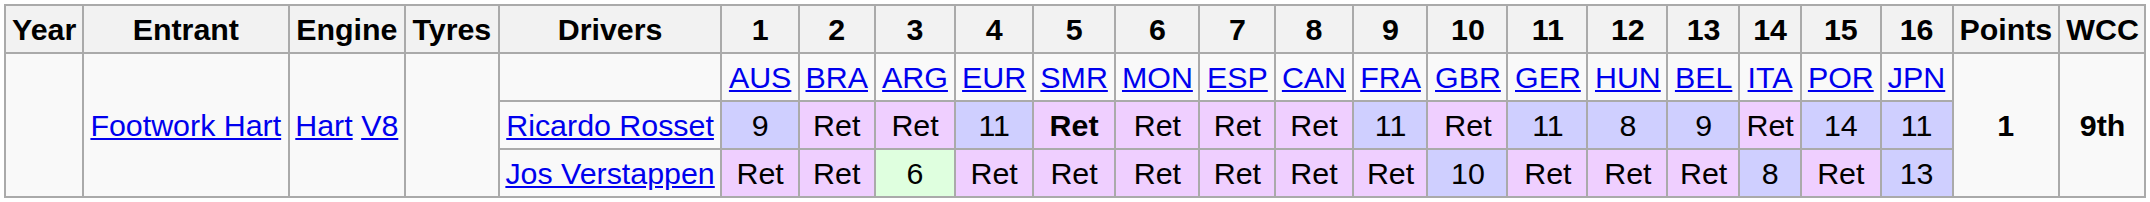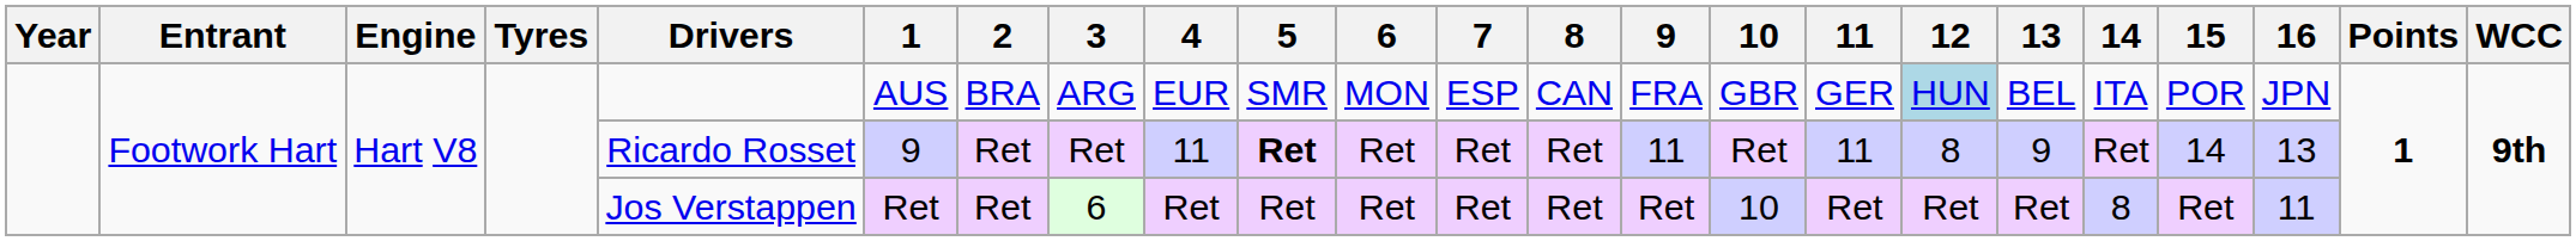 <table class="wikitable" style="text-align:center; font-size:95%">
 <tr>
 <th>Year</th>
 <th>Entrant</th>
 <th>Engine</th>
 <th>Tyres</th>
 <th>Drivers</th>
 <th>1</th>
 <th>2</th>
 <th>3</th>
 <th>4</th>
 <th>5</th>
 <th>6</th>
 <th>7</th>
 <th>8</th>
 <th>9</th>
 <th>10</th>
 <th>11</th>
 <th>12</th>
 <th>13</th>
 <th>14</th>
 <th>15</th>
 <th>16</th>
 <th>Points</th>
 <th>WCC</th>
 </tr>
 <tr>
 <td rowspan="3"></td>
 <td rowspan="3"><a href='#'>Footwork Hart</a></td>
 <td rowspan="3"><a href='#'>Hart</a> <a href='#'>V8</a></td>
 <td rowspan="3"></td>
 <td></td>
 <td><a href='#'>AUS</a></td>
 <td><a href='#'>BRA</a></td>
 <td><a href='#'>ARG</a></td>
 <td><a href='#'>EUR</a></td>
 <td><a href='#'>SMR</a></td>
 <td><a href='#'>MON</a></td>
 <td><a href='#'>ESP</a></td>
 <td><a href='#'>CAN</a></td>
 <td><a href='#'>FRA</a></td>
 <td><a href='#'>GBR</a></td>
 <td><a href='#'>GER</a></td>
-<td><a href='#'>HUN</a></td>
+<td style="background: lightblue;"><a href='#'>HUN</a></td>
 <td><a href='#'>BEL</a></td>
 <td><a href='#'>ITA</a></td>
 <td><a href='#'>POR</a></td>
 <td><a href='#'>JPN</a></td>
 <td rowspan="3"><strong>1</strong></td>
 <td rowspan="3"><strong>9th</strong></td>
 </tr>
 <tr>
 <td><a href='#'>Ricardo Rosset</a></td>
 <td style="background:#CFCFFF;">9</td>
 <td style="background:#EFCFFF;">Ret</td>
 <td style="background:#EFCFFF;">Ret</td>
 <td style="background:#CFCFFF;">11</td>
 <td style="background:#EFCFFF;"><strong>Ret</strong></td>
 <td style="background:#EFCFFF;">Ret</td>
 <td style="background:#EFCFFF;">Ret</td>
 <td style="background:#EFCFFF;">Ret</td>
 <td style="background:#CFCFFF;">11</td>
 <td style="background:#EFCFFF;">Ret</td>
 <td style="background:#CFCFFF;">11</td>
 <td style="background:#CFCFFF;">8</td>
 <td style="background:#CFCFFF;">9</td>
 <td style="background:#EFCFFF;">Ret</td>
 <td style="background:#CFCFFF;">14</td>
-<td style="background:#CFCFFF;">11</td>
+<td style="background:#CFCFFF;">13</td>
 </tr>
 <tr>
 <td><a href='#'>Jos Verstappen</a></td>
 <td style="background:#EFCFFF;">Ret</td>
 <td style="background:#EFCFFF;">Ret</td>
 <td style="background:#DFFFDF;">6</td>
 <td style="background:#EFCFFF;">Ret</td>
 <td style="background:#EFCFFF;">Ret</td>
 <td style="background:#EFCFFF;">Ret</td>
 <td style="background:#EFCFFF;">Ret</td>
 <td style="background:#EFCFFF;">Ret</td>
 <td style="background:#EFCFFF;">Ret</td>
 <td style="background:#CFCFFF;">10</td>
 <td style="background:#EFCFFF;">Ret</td>
 <td style="background:#EFCFFF;">Ret</td>
 <td style="background:#EFCFFF;">Ret</td>
 <td style="background:#CFCFFF;">8</td>
 <td style="background:#EFCFFF;">Ret</td>
-<td style="background:#CFCFFF;">13</td>
+<td style="background:#CFCFFF;">11</td>
 </tr>
 </table>
